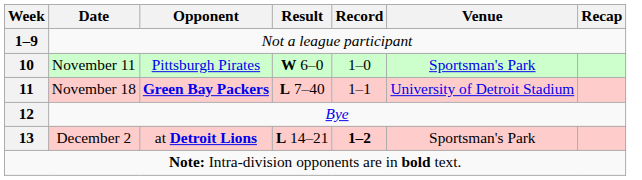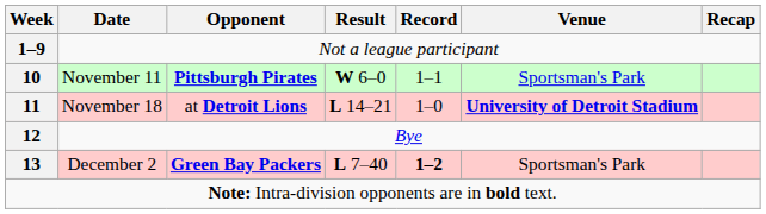 <table class="wikitable" style="text-align:center">
 <tr>
 <th>Week</th>
 <th>Date</th>
 <th>Opponent</th>
 <th>Result</th>
 <th>Record</th>
 <th>Venue</th>
 <th>Recap</th>
 </tr>
 <tr>
 <th>1–9</th>
 <td colspan="6"><em>Not a league participant</em></td>
 </tr>
 <tr style="background:#cfc">
 <th>10</th>
 <td>November 11</td>
-<td><a href='#'>Pittsburgh Pirates</a></td>
+<td><strong><a href='#'>Pittsburgh Pirates</a></strong></td>
 <td><strong>W</strong> 6–0</td>
-<td>1–0</td>
+<td>1–1</td>
 <td><a href='#'>Sportsman's Park</a></td>
 <td></td>
 </tr>
 <tr style="background:#fcc">
 <th>11</th>
 <td>November 18</td>
-<td><strong><a href='#'>Green Bay Packers</a></strong></td>
-<td><strong>L</strong> 7–40</td>
-<td>1–1</td>
-<td><a href='#'>University of Detroit Stadium</a></td>
+<td>at <strong><a href='#'>Detroit Lions</a></strong></td>
+<td><strong>L</strong> 14–21</td>
+<td>1–0</td>
+<td><strong><a href='#'>University of Detroit Stadium</a></strong></td>
 <td></td>
 </tr>
 <tr>
 <th>12</th>
 <td colspan="6"><em><a href='#'>Bye</a></em></td>
 </tr>
 <tr style="background:#fcc">
 <th>13</th>
 <td>December 2</td>
-<td>at <strong><a href='#'>Detroit Lions</a></strong></td>
-<td><strong>L</strong> 14–21</td>
+<td><strong><a href='#'>Green Bay Packers</a></strong></td>
+<td><strong>L</strong> 7–40</td>
 <td><strong>1–2</strong></td>
 <td>Sportsman's Park</td>
 <td></td>
 </tr>
 <tr>
 <td colspan="8"><strong>Note:</strong> Intra-division opponents are in <strong>bold</strong> text.</td>
 </tr>
 </table>
